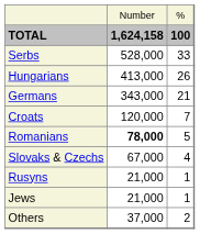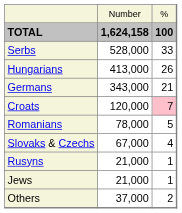 <table border=1 cellpadding=4 cellspacing=0 class="toccolours" style="align: left; margin: 0.5em 0 0 0; border-style: solid; border: 1px solid #7f7f7f; border-right-width: 2px; border-bottom-width: 2px; border-collapse: collapse; font-size: 95%;">
 <tr>
 <td style="background:#F5F5DC;"></td>
 <td style="background:#F5F5DC;" align="center"><small>Number</small></td>
 <td style="background:#F5F5DC;" align="center"><small>%</small></td>
 </tr>
 <tr>
 <td style="background:#c1c1c1;"><strong>TOTAL</strong></td>
 <td colspan=1 style="background:#c1c1c1;" align="center"><strong>1,624,158</strong></td>
 <td colspan=1 style="background:#c1c1c1;" align="center"><strong>100</strong></td>
 </tr>
 <tr>
 <td style="background:#F5F5DC;"><a href='#'>Serbs</a></td>
 <td align="right">528,000</td>
 <td align="right">33</td>
 </tr>
 <tr>
 <td style="background:#F5F5DC;"><a href='#'>Hungarians</a></td>
 <td align="right">413,000</td>
 <td align="right">26</td>
 </tr>
 <tr>
 <td style="background:#F5F5DC;"><a href='#'>Germans</a></td>
 <td align="right">343,000</td>
 <td align="right">21</td>
 </tr>
 <tr>
 <td style="background:#F5F5DC;"><a href='#'>Croats</a></td>
 <td align="right">120,000</td>
-<td align="right">7</td>
+<td align="right" style="background: pink;">7</td>
 </tr>
 <tr>
 <td style="background:#F5F5DC;"><a href='#'>Romanians</a></td>
-<td align="right"><strong>78,000</strong></td>
+<td align="right">78,000</td>
 <td align="right">5</td>
 </tr>
 <tr>
 <td style="background:#F5F5DC;"><a href='#'>Slovaks</a> & <a href='#'>Czechs</a></td>
 <td align="right">67,000</td>
 <td align="right">4</td>
 </tr>
 <tr>
 <td style="background:#F5F5DC;"><a href='#'>Rusyns</a></td>
 <td align="right">21,000</td>
 <td align="right">1</td>
 </tr>
 <tr>
 <td style="background:#F5F5DC;">Jews</td>
 <td align="right">21,000</td>
 <td align="right">1</td>
 </tr>
 <tr>
 <td style="background:#F5F5DC;">Others</td>
 <td align="right">37,000</td>
 <td align="right">2</td>
 </tr>
 </table>
